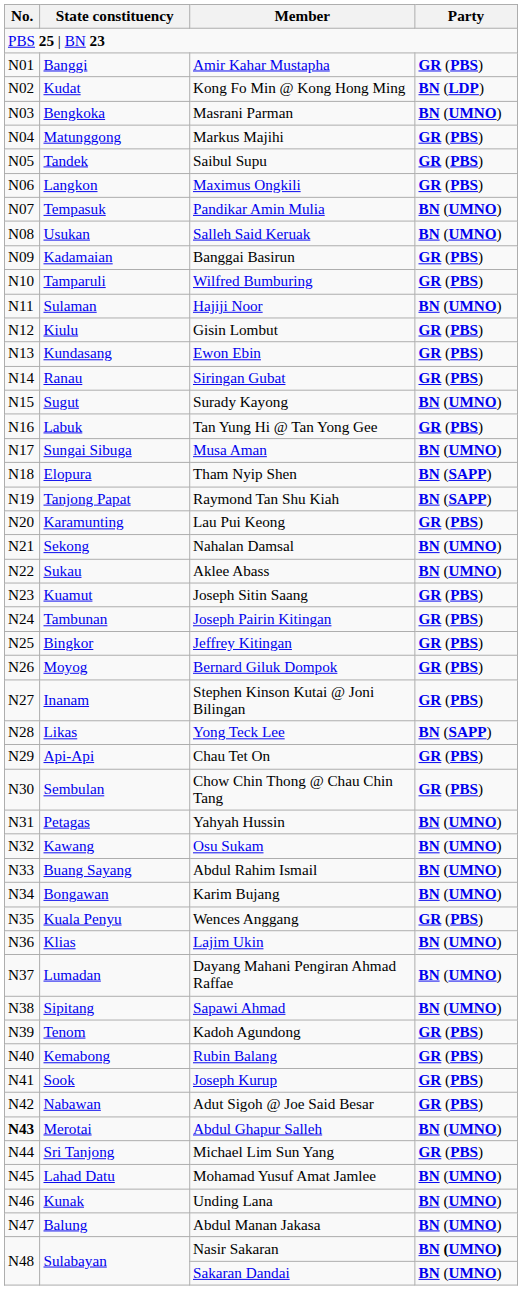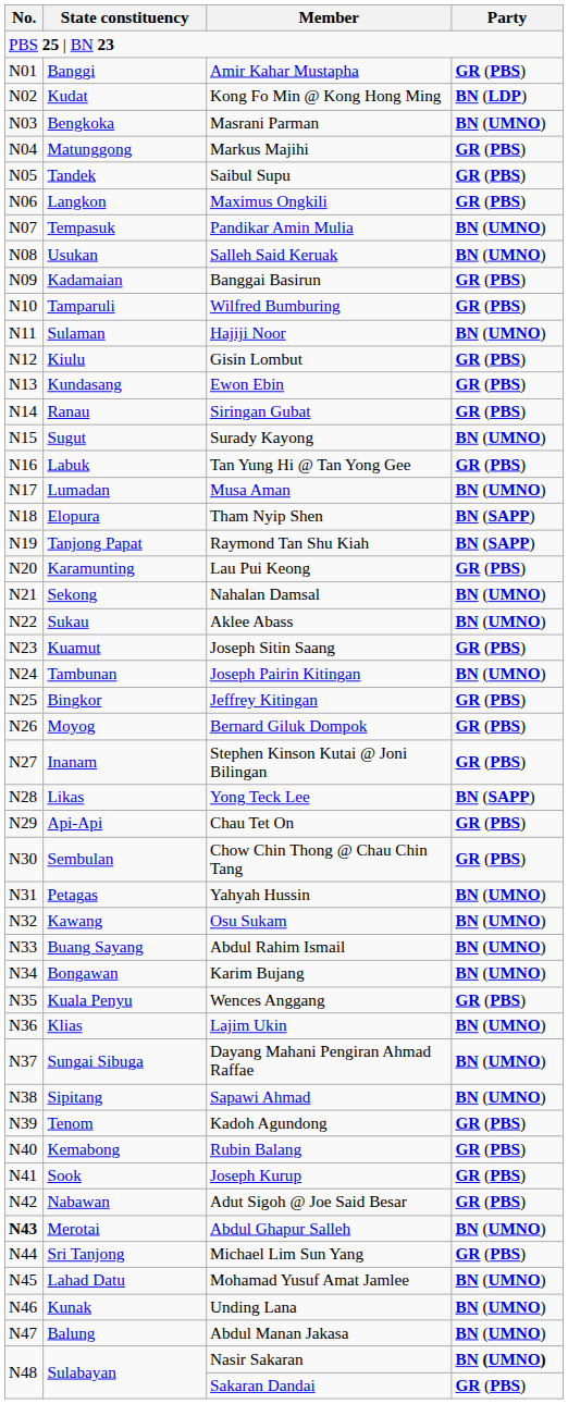 <table class="wikitable sortable">
 <tr>
 <th style="width:30px;">No.</th>
 <th style="width:150px;">State constituency</th>
 <th style="width:230px;">Member</th>
 <th style="width:100px;">Party</th>
 </tr>
 <tr>
 <td colspan="4"><a href='#'>PBS</a> <strong>25</strong> | <a href='#'>BN</a> <strong>23</strong></td>
 </tr>
 <tr>
 <td>N01</td>
 <td><a href='#'>Banggi</a></td>
 <td><a href='#'>Amir Kahar Mustapha</a></td>
 <td><strong><a href='#'>GR</a></strong> (<strong><a href='#'>PBS</a></strong>)</td>
 </tr>
 <tr>
 <td>N02</td>
 <td><a href='#'>Kudat</a></td>
 <td>Kong Fo Min @ Kong Hong Ming</td>
 <td><strong><a href='#'>BN</a></strong> (<strong><a href='#'>LDP</a></strong>)</td>
 </tr>
 <tr>
 <td>N03</td>
 <td><a href='#'>Bengkoka</a></td>
 <td>Masrani Parman</td>
 <td><strong><a href='#'>BN</a></strong> (<strong><a href='#'>UMNO</a></strong>)</td>
 </tr>
 <tr>
 <td>N04</td>
 <td><a href='#'>Matunggong</a></td>
 <td>Markus Majihi</td>
 <td><strong><a href='#'>GR</a></strong> (<strong><a href='#'>PBS</a></strong>)</td>
 </tr>
 <tr>
 <td>N05</td>
 <td><a href='#'>Tandek</a></td>
 <td>Saibul Supu</td>
 <td><strong><a href='#'>GR</a></strong> (<strong><a href='#'>PBS</a></strong>)</td>
 </tr>
 <tr>
 <td>N06</td>
 <td><a href='#'>Langkon</a></td>
 <td><a href='#'>Maximus Ongkili</a></td>
 <td><strong><a href='#'>GR</a></strong> (<strong><a href='#'>PBS</a></strong>)</td>
 </tr>
 <tr>
 <td>N07</td>
 <td><a href='#'>Tempasuk</a></td>
 <td><a href='#'>Pandikar Amin Mulia</a></td>
 <td><strong><a href='#'>BN</a></strong> (<strong><a href='#'>UMNO</a></strong>)</td>
 </tr>
 <tr>
 <td>N08</td>
 <td><a href='#'>Usukan</a></td>
 <td><a href='#'>Salleh Said Keruak</a></td>
 <td><strong><a href='#'>BN</a></strong> (<strong><a href='#'>UMNO</a></strong>)</td>
 </tr>
 <tr>
 <td>N09</td>
 <td><a href='#'>Kadamaian</a></td>
 <td>Banggai Basirun</td>
 <td><strong><a href='#'>GR</a></strong> (<strong><a href='#'>PBS</a></strong>)</td>
 </tr>
 <tr>
 <td>N10</td>
 <td><a href='#'>Tamparuli</a></td>
 <td><a href='#'>Wilfred Bumburing</a></td>
 <td><strong><a href='#'>GR</a></strong> (<strong><a href='#'>PBS</a></strong>)</td>
 </tr>
 <tr>
 <td>N11</td>
 <td><a href='#'>Sulaman</a></td>
 <td><a href='#'>Hajiji Noor</a></td>
 <td><strong><a href='#'>BN</a></strong> (<strong><a href='#'>UMNO</a></strong>)</td>
 </tr>
 <tr>
 <td>N12</td>
 <td><a href='#'>Kiulu</a></td>
 <td>Gisin Lombut</td>
 <td><strong><a href='#'>GR</a></strong> (<strong><a href='#'>PBS</a></strong>)</td>
 </tr>
 <tr>
 <td>N13</td>
 <td><a href='#'>Kundasang</a></td>
 <td><a href='#'>Ewon Ebin</a></td>
 <td><strong><a href='#'>GR</a></strong> (<strong><a href='#'>PBS</a></strong>)</td>
 </tr>
 <tr>
 <td>N14</td>
 <td><a href='#'>Ranau</a></td>
 <td><a href='#'>Siringan Gubat</a></td>
 <td><strong><a href='#'>GR</a></strong> (<strong><a href='#'>PBS</a></strong>)</td>
 </tr>
 <tr>
 <td>N15</td>
 <td><a href='#'>Sugut</a></td>
 <td>Surady Kayong</td>
 <td><strong><a href='#'>BN</a></strong> (<strong><a href='#'>UMNO</a></strong>)</td>
 </tr>
 <tr>
 <td>N16</td>
 <td><a href='#'>Labuk</a></td>
 <td>Tan Yung Hi @ Tan Yong Gee</td>
 <td><strong><a href='#'>GR</a></strong> (<strong><a href='#'>PBS</a></strong>)</td>
 </tr>
 <tr>
 <td>N17</td>
-<td><a href='#'>Sungai Sibuga</a></td>
+<td><a href='#'>Lumadan</a></td>
 <td><a href='#'>Musa Aman</a></td>
 <td><strong><a href='#'>BN</a></strong> (<strong><a href='#'>UMNO</a></strong>)</td>
 </tr>
 <tr>
 <td>N18</td>
 <td><a href='#'>Elopura</a></td>
 <td>Tham Nyip Shen</td>
 <td><strong><a href='#'>BN</a></strong> (<strong><a href='#'>SAPP</a></strong>)</td>
 </tr>
 <tr>
 <td>N19</td>
 <td><a href='#'>Tanjong Papat</a></td>
 <td>Raymond Tan Shu Kiah</td>
 <td><strong><a href='#'>BN</a></strong> (<strong><a href='#'>SAPP</a></strong>)</td>
 </tr>
 <tr>
 <td>N20</td>
 <td><a href='#'>Karamunting</a></td>
 <td>Lau Pui Keong</td>
 <td><strong><a href='#'>GR</a></strong> (<strong><a href='#'>PBS</a></strong>)</td>
 </tr>
 <tr>
 <td>N21</td>
 <td><a href='#'>Sekong</a></td>
 <td>Nahalan Damsal</td>
 <td><strong><a href='#'>BN</a></strong> (<strong><a href='#'>UMNO</a></strong>)</td>
 </tr>
 <tr>
 <td>N22</td>
 <td><a href='#'>Sukau</a></td>
 <td>Aklee Abass</td>
 <td><strong><a href='#'>BN</a></strong> (<strong><a href='#'>UMNO</a></strong>)</td>
 </tr>
 <tr>
 <td>N23</td>
 <td><a href='#'>Kuamut</a></td>
 <td>Joseph Sitin Saang</td>
 <td><strong><a href='#'>GR</a></strong> (<strong><a href='#'>PBS</a></strong>)</td>
 </tr>
 <tr>
 <td>N24</td>
 <td><a href='#'>Tambunan</a></td>
 <td><a href='#'>Joseph Pairin Kitingan</a></td>
-<td><strong><a href='#'>GR</a></strong> (<strong><a href='#'>PBS</a></strong>)</td>
+<td><strong><a href='#'>BN</a></strong> (<strong><a href='#'>UMNO</a></strong>)</td>
 </tr>
 <tr>
 <td>N25</td>
 <td><a href='#'>Bingkor</a></td>
 <td><a href='#'>Jeffrey Kitingan</a></td>
 <td><strong><a href='#'>GR</a></strong> (<strong><a href='#'>PBS</a></strong>)</td>
 </tr>
 <tr>
 <td>N26</td>
 <td><a href='#'>Moyog</a></td>
 <td><a href='#'>Bernard Giluk Dompok</a></td>
 <td><strong><a href='#'>GR</a></strong> (<strong><a href='#'>PBS</a></strong>)</td>
 </tr>
 <tr>
 <td>N27</td>
 <td><a href='#'>Inanam</a></td>
 <td>Stephen Kinson Kutai @ Joni Bilingan</td>
 <td><strong><a href='#'>GR</a></strong> (<strong><a href='#'>PBS</a></strong>)</td>
 </tr>
 <tr>
 <td>N28</td>
 <td><a href='#'>Likas</a></td>
 <td><a href='#'>Yong Teck Lee</a></td>
 <td><strong><a href='#'>BN</a></strong> (<strong><a href='#'>SAPP</a></strong>)</td>
 </tr>
 <tr>
 <td>N29</td>
 <td><a href='#'>Api-Api</a></td>
 <td>Chau Tet On</td>
 <td><strong><a href='#'>GR</a></strong> (<strong><a href='#'>PBS</a></strong>)</td>
 </tr>
 <tr>
 <td>N30</td>
 <td><a href='#'>Sembulan</a></td>
 <td>Chow Chin Thong @ Chau Chin Tang</td>
 <td><strong><a href='#'>GR</a></strong> (<strong><a href='#'>PBS</a></strong>)</td>
 </tr>
 <tr>
 <td>N31</td>
 <td><a href='#'>Petagas</a></td>
 <td>Yahyah Hussin</td>
 <td><strong><a href='#'>BN</a></strong> (<strong><a href='#'>UMNO</a></strong>)</td>
 </tr>
 <tr>
 <td>N32</td>
 <td><a href='#'>Kawang</a></td>
 <td><a href='#'>Osu Sukam</a></td>
 <td><strong><a href='#'>BN</a></strong> (<strong><a href='#'>UMNO</a></strong>)</td>
 </tr>
 <tr>
 <td>N33</td>
 <td><a href='#'>Buang Sayang</a></td>
 <td>Abdul Rahim Ismail</td>
 <td><strong><a href='#'>BN</a></strong> (<strong><a href='#'>UMNO</a></strong>)</td>
 </tr>
 <tr>
 <td>N34</td>
 <td><a href='#'>Bongawan</a></td>
 <td>Karim Bujang</td>
 <td><strong><a href='#'>BN</a></strong> (<strong><a href='#'>UMNO</a></strong>)</td>
 </tr>
 <tr>
 <td>N35</td>
 <td><a href='#'>Kuala Penyu</a></td>
 <td>Wences Anggang</td>
 <td><strong><a href='#'>GR</a></strong> (<strong><a href='#'>PBS</a></strong>)</td>
 </tr>
 <tr>
 <td>N36</td>
 <td><a href='#'>Klias</a></td>
 <td><a href='#'>Lajim Ukin</a></td>
 <td><strong><a href='#'>BN</a></strong> (<strong><a href='#'>UMNO</a></strong>)</td>
 </tr>
 <tr>
 <td>N37</td>
-<td><a href='#'>Lumadan</a></td>
+<td><a href='#'>Sungai Sibuga</a></td>
 <td>Dayang Mahani Pengiran Ahmad Raffae</td>
 <td><strong><a href='#'>BN</a></strong> (<strong><a href='#'>UMNO</a></strong>)</td>
 </tr>
 <tr>
 <td>N38</td>
 <td><a href='#'>Sipitang</a></td>
 <td><a href='#'>Sapawi Ahmad</a></td>
 <td><strong><a href='#'>BN</a></strong> (<strong><a href='#'>UMNO</a></strong>)</td>
 </tr>
 <tr>
 <td>N39</td>
 <td><a href='#'>Tenom</a></td>
 <td>Kadoh Agundong</td>
 <td><strong><a href='#'>GR</a></strong> (<strong><a href='#'>PBS</a></strong>)</td>
 </tr>
 <tr>
 <td>N40</td>
 <td><a href='#'>Kemabong</a></td>
 <td><a href='#'>Rubin Balang</a></td>
 <td><strong><a href='#'>GR</a></strong> (<strong><a href='#'>PBS</a></strong>)</td>
 </tr>
 <tr>
 <td>N41</td>
 <td><a href='#'>Sook</a></td>
 <td><a href='#'>Joseph Kurup</a></td>
 <td><strong><a href='#'>GR</a></strong> (<strong><a href='#'>PBS</a></strong>)</td>
 </tr>
 <tr>
 <td>N42</td>
 <td><a href='#'>Nabawan</a></td>
 <td>Adut Sigoh @ Joe Said Besar</td>
 <td><strong><a href='#'>GR</a></strong> (<strong><a href='#'>PBS</a></strong>)</td>
 </tr>
 <tr>
 <td><strong>N43</strong></td>
 <td><a href='#'>Merotai</a></td>
 <td><a href='#'>Abdul Ghapur Salleh</a></td>
 <td><strong><a href='#'>BN</a></strong> (<strong><a href='#'>UMNO</a></strong>)</td>
 </tr>
 <tr>
 <td>N44</td>
 <td><a href='#'>Sri Tanjong</a></td>
 <td>Michael Lim Sun Yang</td>
 <td><strong><a href='#'>GR</a></strong> (<strong><a href='#'>PBS</a></strong>)</td>
 </tr>
 <tr>
 <td>N45</td>
 <td><a href='#'>Lahad Datu</a></td>
 <td>Mohamad Yusuf Amat Jamlee</td>
 <td><strong><a href='#'>BN</a></strong> (<strong><a href='#'>UMNO</a></strong>)</td>
 </tr>
 <tr>
 <td>N46</td>
 <td><a href='#'>Kunak</a></td>
 <td>Unding Lana</td>
 <td><strong><a href='#'>BN</a></strong> (<strong><a href='#'>UMNO</a></strong>)</td>
 </tr>
 <tr>
 <td>N47</td>
 <td><a href='#'>Balung</a></td>
 <td>Abdul Manan Jakasa</td>
 <td><strong><a href='#'>BN</a></strong> (<strong><a href='#'>UMNO</a></strong>)</td>
 </tr>
 <tr>
 <td rowspan=2>N48</td>
 <td rowspan=2><a href='#'>Sulabayan</a></td>
 <td>Nasir Sakaran </td>
 <td><strong><a href='#'>BN</a> (<a href='#'>UMNO</a>)</strong></td>
 </tr>
 <tr>
 <td><a href='#'>Sakaran Dandai</a> </td>
-<td><strong><a href='#'>BN</a></strong> (<strong><a href='#'>UMNO</a></strong>)</td>
+<td><strong><a href='#'>GR</a></strong> (<strong><a href='#'>PBS</a></strong>)</td>
 </tr>
 </table>
